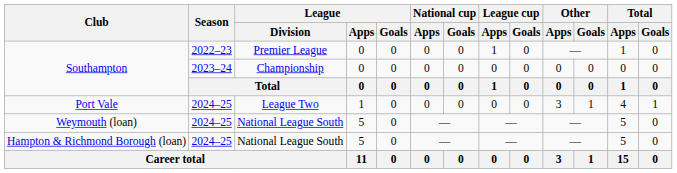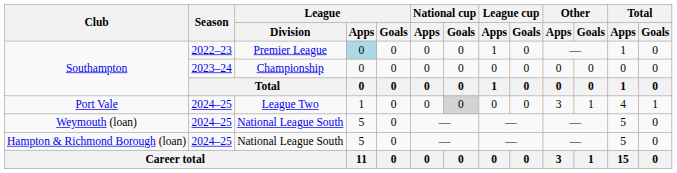 <table class=wikitable style="text-align: center">
 <tr>
 <th rowspan="2">Club</th>
 <th rowspan="2">Season</th>
 <th colspan="3">League</th>
 <th colspan="2">National cup</th>
 <th colspan="2">League cup</th>
 <th colspan="2">Other</th>
 <th colspan="2">Total</th>
 </tr>
 <tr>
 <th>Division</th>
 <th>Apps</th>
 <th>Goals</th>
 <th>Apps</th>
 <th>Goals</th>
 <th>Apps</th>
 <th>Goals</th>
 <th>Apps</th>
 <th>Goals</th>
 <th>Apps</th>
 <th>Goals</th>
 </tr>
 <tr>
 <td rowspan="3"><a href='#'>Southampton</a></td>
 <td><a href='#'>2022–23</a></td>
 <td><a href='#'>Premier League</a></td>
-<td>0</td>
+<td style="background: lightblue;">0</td>
 <td>0</td>
 <td>0</td>
 <td>0</td>
 <td>1</td>
 <td>0</td>
 <td colspan=2>—</td>
 <td>1</td>
 <td>0</td>
 </tr>
 <tr>
 <td><a href='#'>2023–24</a></td>
 <td><a href='#'>Championship</a></td>
 <td>0</td>
 <td>0</td>
 <td>0</td>
 <td>0</td>
 <td>0</td>
 <td>0</td>
 <td>0</td>
 <td>0</td>
 <td>0</td>
 <td>0</td>
 </tr>
 <tr>
 <th colspan="2">Total</th>
 <th>0</th>
 <th>0</th>
 <th>0</th>
 <th>0</th>
 <th>1</th>
 <th>0</th>
 <th>0</th>
 <th>0</th>
 <th>1</th>
 <th>0</th>
 </tr>
 <tr>
 <td><a href='#'>Port Vale</a></td>
 <td><a href='#'>2024–25</a></td>
 <td><a href='#'>League Two</a></td>
 <td>1</td>
 <td>0</td>
 <td>0</td>
-<td>0</td>
+<td style="background: lightgrey;">0</td>
 <td>0</td>
 <td>0</td>
 <td>3</td>
 <td>1</td>
 <td>4</td>
 <td>1</td>
 </tr>
 <tr>
 <td><a href='#'>Weymouth</a> (loan)</td>
 <td><a href='#'>2024–25</a></td>
 <td><a href='#'>National League South</a></td>
 <td>5</td>
 <td>0</td>
 <td colspan=2>—</td>
 <td colspan=2>—</td>
 <td colspan=2>—</td>
 <td>5</td>
 <td>0</td>
 </tr>
 <tr>
 <td><a href='#'>Hampton & Richmond Borough</a> (loan)</td>
 <td><a href='#'>2024–25</a></td>
 <td>National League South</td>
 <td>5</td>
 <td>0</td>
 <td colspan=2>—</td>
 <td colspan=2>—</td>
 <td colspan=2>—</td>
 <td>5</td>
 <td>0</td>
 </tr>
 <tr>
 <th colspan="3">Career total</th>
 <th>11</th>
 <th>0</th>
 <th>0</th>
 <th>0</th>
 <th>0</th>
 <th>0</th>
 <th>3</th>
 <th>1</th>
 <th>15</th>
 <th>0</th>
 </tr>
 </table>
